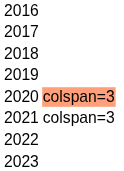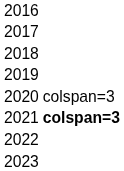 <table>
 <tr>
 <td align="center">2016</td>
 <td></td>
 <td></td>
 <td></td>
 </tr>
 <tr>
 <td align="center">2017</td>
 <td></td>
 <td></td>
 <td></td>
 </tr>
 <tr>
 <td align="center">2018</td>
 <td></td>
 <td></td>
 <td></td>
 </tr>
 <tr>
 <td align="center">2019</td>
 <td></td>
 <td></td>
 <td></td>
 </tr>
 <tr>
 <td align="center">2020</td>
-<td style="background: lightsalmon;">colspan=3 </td>
+<td>colspan=3 </td>
 </tr>
 <tr>
 <td align="center">2021</td>
-<td>colspan=3 </td>
+<td><strong>colspan=3 </strong></td>
 </tr>
 <tr>
 <td align="center">2022</td>
 <td></td>
 <td></td>
 <td></td>
 </tr>
 <tr>
 <td align="center">2023</td>
 <td></td>
 <td></td>
 <td></td>
 </tr>
 </table>
